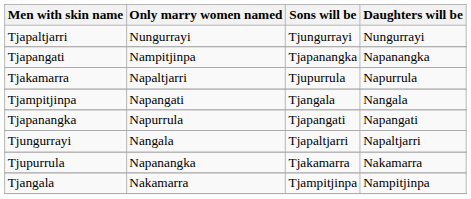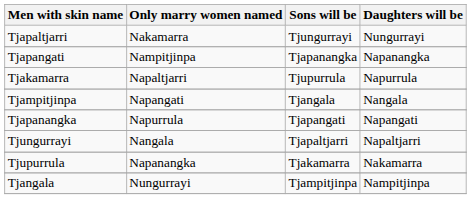 <table class="wikitable sortable" style="margin-left:1em">
 <tr>
 <th>Men with skin name</th>
 <th>Only marry women named</th>
 <th>Sons will be</th>
 <th>Daughters will be</th>
 </tr>
 <tr>
 <td>Tjapaltjarri</td>
-<td>Nungurrayi</td>
+<td>Nakamarra</td>
 <td>Tjungurrayi</td>
 <td>Nungurrayi</td>
 </tr>
 <tr>
 </tr>
 <tr>
 <td>Tjapangati</td>
 <td>Nampitjinpa</td>
 <td>Tjapanangka</td>
 <td>Napanangka</td>
 </tr>
 <tr>
 </tr>
 <tr>
 <td>Tjakamarra</td>
 <td>Napaltjarri</td>
 <td>Tjupurrula</td>
 <td>Napurrula</td>
 </tr>
 <tr>
 </tr>
 <tr>
 <td>Tjampitjinpa</td>
 <td>Napangati</td>
 <td>Tjangala</td>
 <td>Nangala</td>
 </tr>
 <tr>
 </tr>
 <tr>
 <td>Tjapanangka</td>
 <td>Napurrula</td>
 <td>Tjapangati</td>
 <td>Napangati</td>
 </tr>
 <tr>
 </tr>
 <tr>
 <td>Tjungurrayi</td>
 <td>Nangala</td>
 <td>Tjapaltjarri</td>
 <td>Napaltjarri</td>
 </tr>
 <tr>
 </tr>
 <tr>
 <td>Tjupurrula</td>
 <td>Napanangka</td>
 <td>Tjakamarra</td>
 <td>Nakamarra</td>
 </tr>
 <tr>
 </tr>
 <tr>
 <td>Tjangala</td>
-<td>Nakamarra</td>
+<td>Nungurrayi</td>
 <td>Tjampitjinpa</td>
 <td>Nampitjinpa</td>
 </tr>
 <tr>
 </tr>
 </table>
